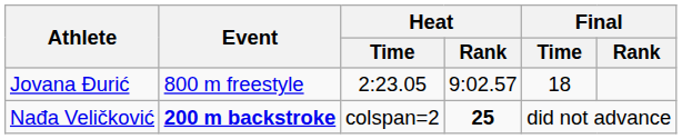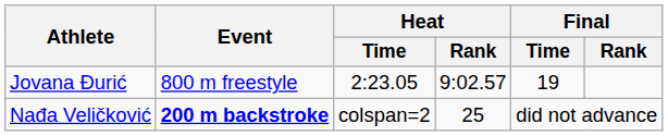 <table class=wikitable style="font-size:90%">
 <tr>
 <th rowspan=2>Athlete</th>
 <th rowspan=2>Event</th>
 <th colspan="2">Heat</th>
 <th colspan="2">Final</th>
 </tr>
 <tr style="font-size:95%">
 <th>Time</th>
 <th>Rank</th>
 <th>Time</th>
 <th>Rank</th>
 </tr>
 <tr align=center>
 <td align=left><a href='#'>Jovana Đurić</a></td>
 <td align=left><a href='#'>800 m freestyle</a></td>
 <td>2:23.05</td>
 <td>9:02.57</td>
-<td>18</td>
+<td>19</td>
 </tr>
 <tr align=center>
 <td align=left><a href='#'>Nađa Veličković</a></td>
 <td align=left><strong><a href='#'>200 m backstroke</a></strong></td>
 <td>colspan=2 </td>
-<td><strong>25</strong></td>
+<td>25</td>
 <td colspan=2>did not advance</td>
 </tr>
 </table>
